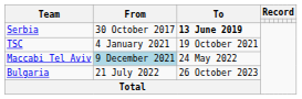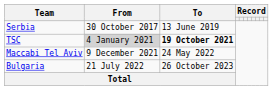 <table class="wikitable" style="text-align:centre">
 <tr>
 <th rowspan="2">Team</th>
 <th rowspan="2">From</th>
 <th rowspan="2">To</th>
 <th colspan="9">Record</th>
 </tr>
 <tr>
 <th></th>
 <th></th>
 <th></th>
 <th></th>
 <th></th>
 <th></th>
 <th></th>
 <th></th>
 </tr>
 <tr>
 <td align="left"><a href='#'>Serbia</a></td>
 <td align="left">30 October 2017</td>
-<td align="left"><strong>13 June 2019<br></strong></td>
+<td align="left">13 June 2019<br></td>
 </tr>
 <tr>
 <td align="left"><a href='#'>TSC</a></td>
-<td align="left">4 January 2021</td>
-<td align="left">19 October 2021<br></td>
+<td align="left" style="background: lightgrey;">4 January 2021</td>
+<td align="left"><strong>19 October 2021<br></strong></td>
 </tr>
 <tr>
 <td align="left"><a href='#'>Maccabi Tel Aviv</a></td>
-<td align="left" style="background: lightblue;">9 December 2021</td>
+<td align="left">9 December 2021</td>
 <td align="left">24 May 2022<br></td>
 </tr>
 <tr>
 <td align="left"><a href='#'>Bulgaria</a></td>
 <td align="left">21 July 2022</td>
 <td align="left">26 October 2023<br></td>
 </tr>
 <tr>
 <th colspan="3">Total<br></th>
 </tr>
 </table>
